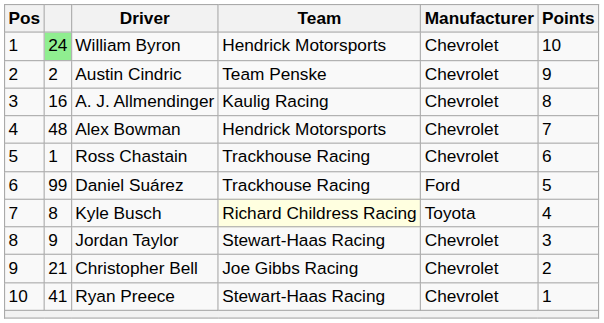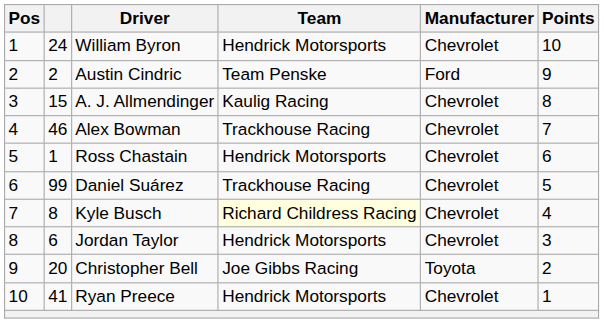 <table class="wikitable" style="font-size:98%">
 <tr>
 <th>Pos</th>
 <th></th>
 <th>Driver</th>
 <th>Team</th>
 <th>Manufacturer</th>
 <th>Points</th>
 </tr>
 <tr>
 <td>1</td>
-<td style="background: lightgreen;">24</td>
+<td>24</td>
 <td>William Byron</td>
 <td>Hendrick Motorsports</td>
 <td>Chevrolet</td>
 <td>10</td>
 </tr>
 <tr>
 <td>2</td>
 <td>2</td>
 <td>Austin Cindric</td>
 <td>Team Penske</td>
-<td>Chevrolet</td>
+<td>Ford</td>
 <td>9</td>
 </tr>
 <tr>
 <td>3</td>
-<td>16</td>
+<td>15</td>
 <td>A. J. Allmendinger</td>
 <td>Kaulig Racing</td>
 <td>Chevrolet</td>
 <td>8</td>
 </tr>
 <tr>
 <td>4</td>
-<td>48</td>
+<td>46</td>
 <td>Alex Bowman</td>
-<td>Hendrick Motorsports</td>
+<td>Trackhouse Racing</td>
 <td>Chevrolet</td>
 <td>7</td>
 </tr>
 <tr>
 <td>5</td>
 <td>1</td>
 <td>Ross Chastain</td>
-<td>Trackhouse Racing</td>
+<td>Hendrick Motorsports</td>
 <td>Chevrolet</td>
 <td>6</td>
 </tr>
 <tr>
 <td>6</td>
 <td>99</td>
 <td>Daniel Suárez</td>
 <td>Trackhouse Racing</td>
-<td>Ford</td>
+<td>Chevrolet</td>
 <td>5</td>
 </tr>
 <tr>
 <td>7</td>
 <td>8</td>
 <td>Kyle Busch</td>
 <td style="background: lightyellow;">Richard Childress Racing</td>
-<td>Toyota</td>
+<td>Chevrolet</td>
 <td>4</td>
 </tr>
 <tr>
 <td>8</td>
-<td>9</td>
+<td>6</td>
 <td>Jordan Taylor</td>
-<td>Stewart-Haas Racing</td>
+<td>Hendrick Motorsports</td>
 <td>Chevrolet</td>
 <td>3</td>
 </tr>
 <tr>
 <td>9</td>
-<td>21</td>
+<td>20</td>
 <td>Christopher Bell</td>
 <td>Joe Gibbs Racing</td>
-<td>Chevrolet</td>
+<td>Toyota</td>
 <td>2</td>
 </tr>
 <tr>
 <td>10</td>
 <td>41</td>
 <td>Ryan Preece</td>
-<td>Stewart-Haas Racing</td>
+<td>Hendrick Motorsports</td>
 <td>Chevrolet</td>
 <td>1</td>
 </tr>
 <tr>
 <th colspan="6"></th>
 </tr>
 </table>
